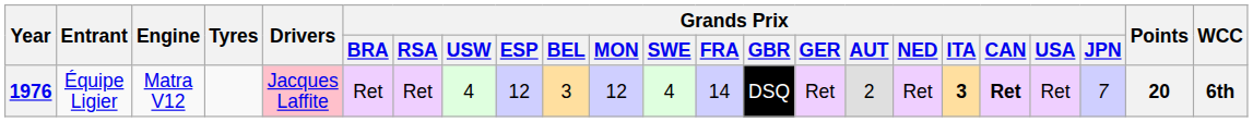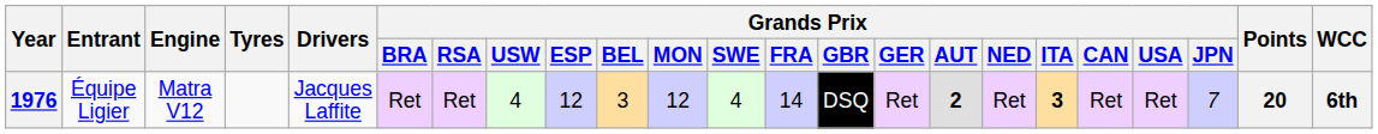 <table class="wikitable" style="text-align:center; font-size:95%">
 <tr>
 <th rowspan="2">Year</th>
 <th rowspan="2">Entrant</th>
 <th rowspan="2">Engine</th>
 <th rowspan="2">Tyres</th>
 <th rowspan="2">Drivers</th>
 <th colspan="16">Grands Prix</th>
 <th rowspan="2">Points</th>
 <th rowspan="2">WCC</th>
 </tr>
 <tr>
 <th><a href='#'>BRA</a></th>
 <th><a href='#'>RSA</a></th>
 <th><a href='#'>USW</a></th>
 <th><a href='#'>ESP</a></th>
 <th><a href='#'>BEL</a></th>
 <th><a href='#'>MON</a></th>
 <th><a href='#'>SWE</a></th>
 <th><a href='#'>FRA</a></th>
 <th><a href='#'>GBR</a></th>
 <th><a href='#'>GER</a></th>
 <th><a href='#'>AUT</a></th>
 <th><a href='#'>NED</a></th>
 <th><a href='#'>ITA</a></th>
 <th><a href='#'>CAN</a></th>
 <th><a href='#'>USA</a></th>
 <th><a href='#'>JPN</a></th>
 </tr>
 <tr>
 <th><a href='#'>1976</a></th>
 <td><a href='#'>Équipe Ligier</a></td>
 <td><a href='#'>Matra</a> <a href='#'>V12</a></td>
 <td></td>
-<td style="background: pink;"><a href='#'>Jacques Laffite</a></td>
+<td><a href='#'>Jacques Laffite</a></td>
 <td style="background:#efcfff;">Ret</td>
 <td style="background:#efcfff;">Ret</td>
 <td style="background:#dfffdf;">4</td>
 <td style="background:#cfcfff;">12</td>
 <td style="background:#ffdf9f;">3</td>
 <td style="background:#cfcfff;">12</td>
 <td style="background:#dfffdf;">4</td>
 <td style="background:#cfcfff;">14</td>
 <td style="background:#000000; color:#ffffff">DSQ</td>
 <td style="background:#efcfff;">Ret</td>
-<td style="background:#dfdfdf;">2</td>
+<td style="background:#dfdfdf;"><strong>2</strong></td>
 <td style="background:#efcfff;">Ret</td>
 <td style="background:#ffdf9f;"><strong>3</strong></td>
-<td style="background:#efcfff;"><strong>Ret</strong></td>
+<td style="background:#efcfff;">Ret</td>
 <td style="background:#efcfff;">Ret</td>
 <td style="background:#cfcfff;"><em>7</em></td>
 <th>20</th>
 <th>6th</th>
 </tr>
 </table>
